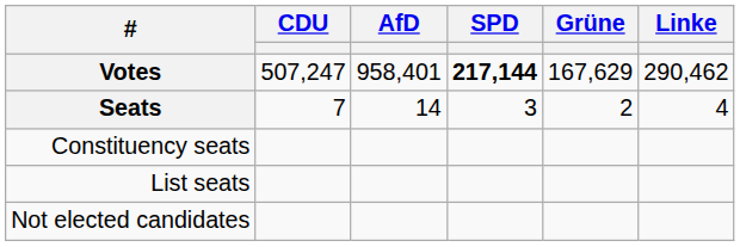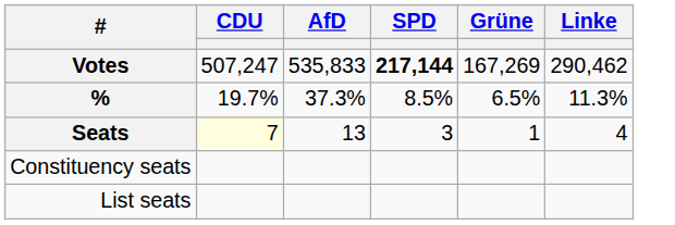 <table class="wikitable" style="text-align:right;vertical-align:top">
 <tr>
 <th rowspan="2">#</th>
 <th class="wikitable sortable"><a href='#'>CDU</a></th>
 <th class="wikitable sortable"><a href='#'>AfD</a></th>
 <th class="wikitable sortable"><a href='#'>SPD</a></th>
 <th class="wikitable sortable"><a href='#'>Grüne</a></th>
 <th class="wikitable sortable"><a href='#'>Linke</a></th>
 </tr>
 <tr>
 <th class="wikitable sortable" style="background:"></th>
 <th class="wikitable sortable" style="background:"></th>
 <th class="wikitable sortable" style="background:"></th>
 <th class="wikitable sortable" style="background:"></th>
 <th class="wikitable sortable" style="background:"></th>
 </tr>
 <tr>
 <th>Votes</th>
 <td>507,247</td>
-<td>958,401</td>
+<td>535,833</td>
 <td><strong>217,144</strong></td>
-<td>167,629</td>
+<td>167,269</td>
 <td>290,462</td>
 </tr>
 <tr>
+<th>%</th>
+<td>19.7%</td>
+<td>37.3%</td>
+<td>8.5%</td>
+<td>6.5%</td>
+<td>11.3%</td>
+</tr>
+<tr>
 <th>Seats</th>
-<td>7</td>
-<td>14</td>
+<td style="background: lightyellow;">7</td>
+<td>13</td>
 <td>3</td>
-<td>2</td>
+<td>1</td>
 <td>4</td>
 </tr>
 <tr style="vertical-align:top">
 <td>Constituency seats</td>
 <td></td>
 <td></td>
 <td></td>
 <td></td>
 <td></td>
 </tr>
 <tr style="vertical-align:top">
 <td>List seats</td>
 <td></td>
 <td></td>
 <td></td>
 <td></td>
 <td></td>
 </tr>
-<tr style="vertical-align:top">
-<td>Not elected candidates</td>
-<td><div><br> </div></td>
-<td><div><br>    </div></td>
-<td><div><br> </div></td>
-<td><div><br> </div></td>
-<td><div><br> </div></td>
-</tr>
 </table>
